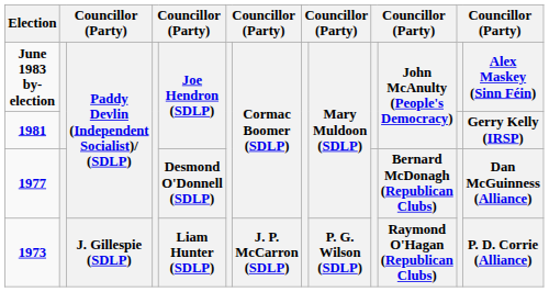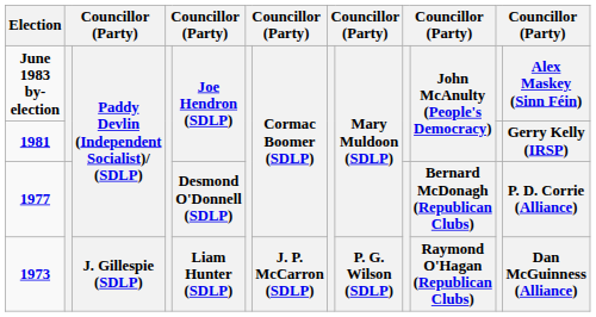 <table class="wikitable" style="text-align:center">
 <tr>
 <th scope="col" width="50">Election</th>
 <th scope="col" width="150" colspan = "2">Councillor<br> (Party)</th>
 <th scope="col" width="150" colspan = "2">Councillor<br> (Party)</th>
 <th scope="col" width="150" colspan = "2">Councillor<br> (Party)</th>
 <th scope="col" width="150" colspan = "2">Councillor<br> (Party)</th>
 <th scope="col" width="150" colspan = "2">Councillor<br> (Party)</th>
 <th scope="col" width="150" colspan = "2">Councillor<br> (Party)</th>
 </tr>
 <tr>
 <td><strong>June 1983 by-election</strong></td>
 <th rowspan="2" width="1" style="background-color: "></th>
 <th rowspan = "3"><a href='#'>Paddy Devlin</a> <br> (<a href='#'>Independent Socialist</a>)/ <br> (<a href='#'>SDLP</a>)</th>
 <th rowspan="4" width="1" style="background-color: "></th>
 <th rowspan = "2"><a href='#'>Joe Hendron</a> <br> (<a href='#'>SDLP</a>)</th>
 <th rowspan="4" width="1" style="background-color: "></th>
 <th rowspan = "3">Cormac Boomer <br> (<a href='#'>SDLP</a>)</th>
 <th rowspan="4" width="1" style="background-color: "></th>
 <th rowspan = "3">Mary Muldoon <br> (<a href='#'>SDLP</a>)</th>
 <th rowspan="2" width="1" style="background-color: "></th>
 <th rowspan = "2">John McAnulty <br> (<a href='#'>People's Democracy</a>)</th>
 <th rowspan="1" width="1" style="background-color: "></th>
 <th rowspan = "1"><a href='#'>Alex Maskey</a> <br>(<a href='#'>Sinn Féin</a>)</th>
 </tr>
 <tr>
 <td><strong><a href='#'>1981</a></strong></td>
 <th rowspan="1" width="1" style="background-color: "></th>
 <th rowspan = "1">Gerry Kelly <br> (<a href='#'>IRSP</a>)</th>
 </tr>
 <tr>
 <td><strong><a href='#'>1977</a></strong></td>
 <th rowspan="2" width="1" style="background-color: "></th>
 <th rowspan = "1">Desmond O'Donnell <br> (<a href='#'>SDLP</a>)</th>
 <th rowspan="2" width="1" style="background-color: "></th>
 <th rowspan = "1">Bernard McDonagh <br> (<a href='#'>Republican Clubs</a>)</th>
 <th rowspan="2" width="1" style="background-color: "></th>
-<th rowspan = "1">Dan McGuinness <br> (<a href='#'>Alliance</a>)</th>
+<th rowspan = "1">P. D. Corrie <br> (<a href='#'>Alliance</a>)</th>
 </tr>
 <tr>
 <td><strong><a href='#'>1973</a></strong></td>
 <th rowspan = "1">J. Gillespie <br> (<a href='#'>SDLP</a>)</th>
 <th rowspan = "1">Liam Hunter <br> (<a href='#'>SDLP</a>)</th>
 <th rowspan = "1">J. P. McCarron <br> (<a href='#'>SDLP</a>)</th>
 <th rowspan = "1">P. G. Wilson <br> (<a href='#'>SDLP</a>)</th>
 <th rowspan = "1">Raymond O'Hagan <br> (<a href='#'>Republican Clubs</a>)</th>
-<th rowspan = "1">P. D. Corrie <br> (<a href='#'>Alliance</a>)</th>
+<th rowspan = "1">Dan McGuinness <br> (<a href='#'>Alliance</a>)</th>
 </tr>
 </table>
